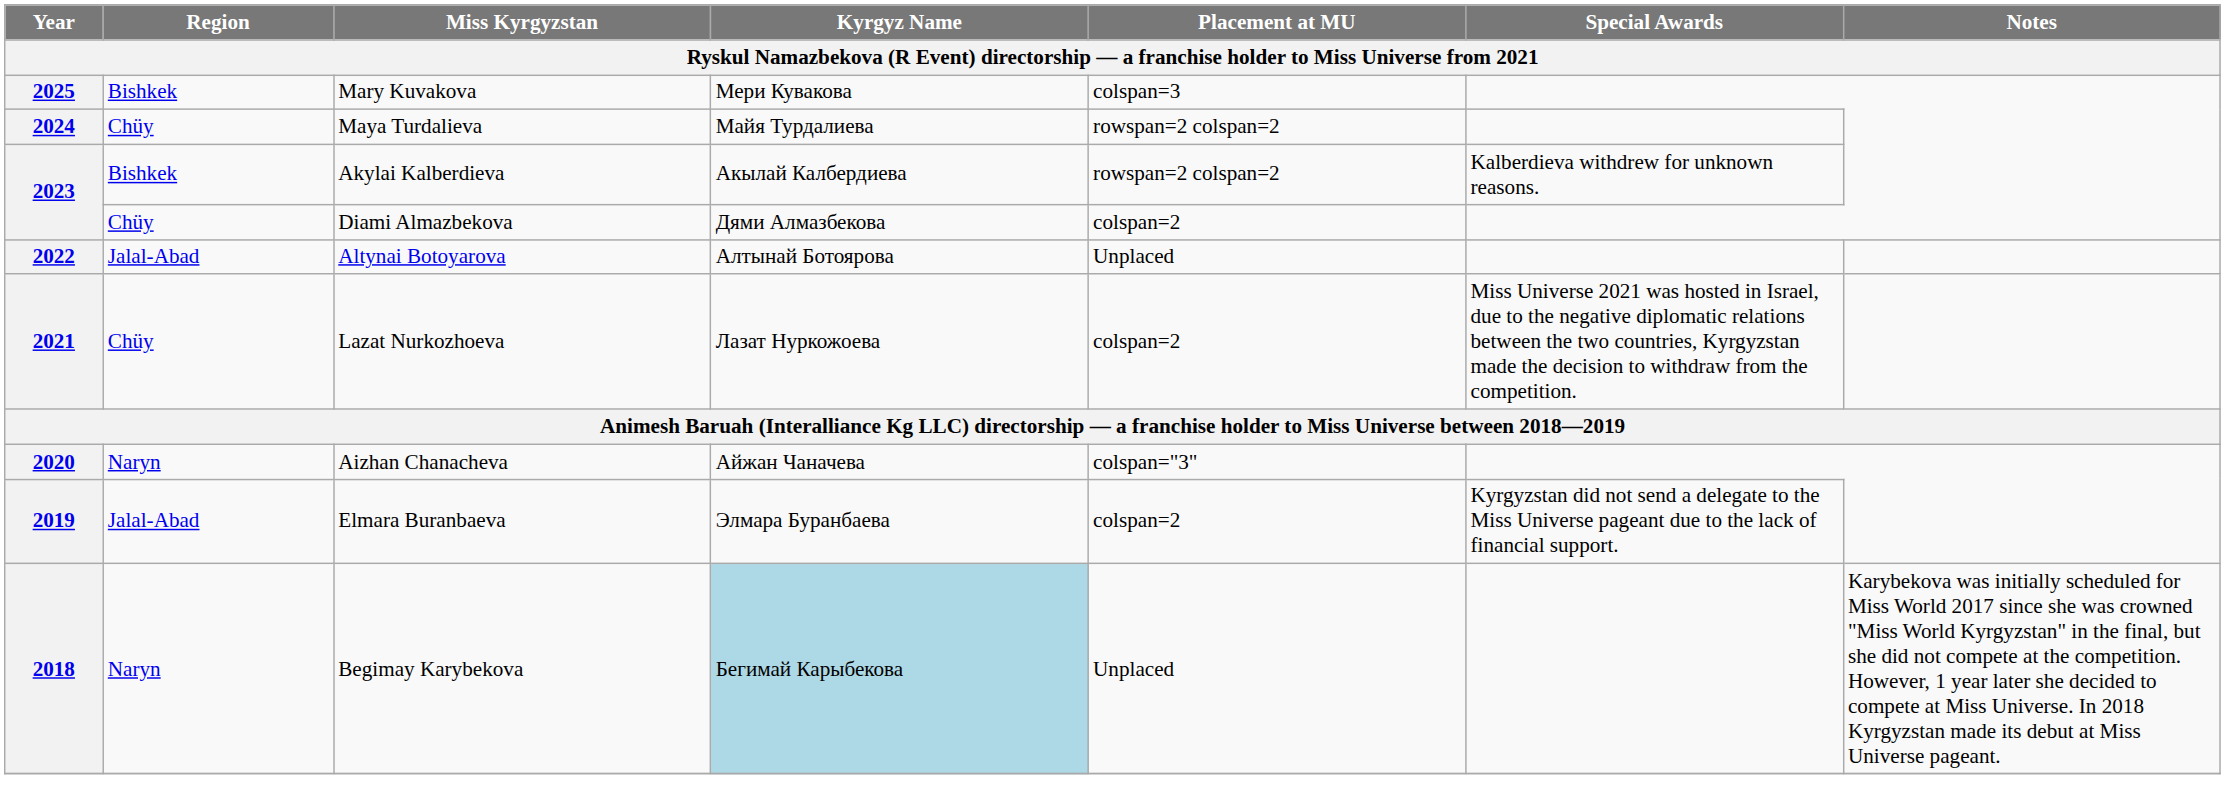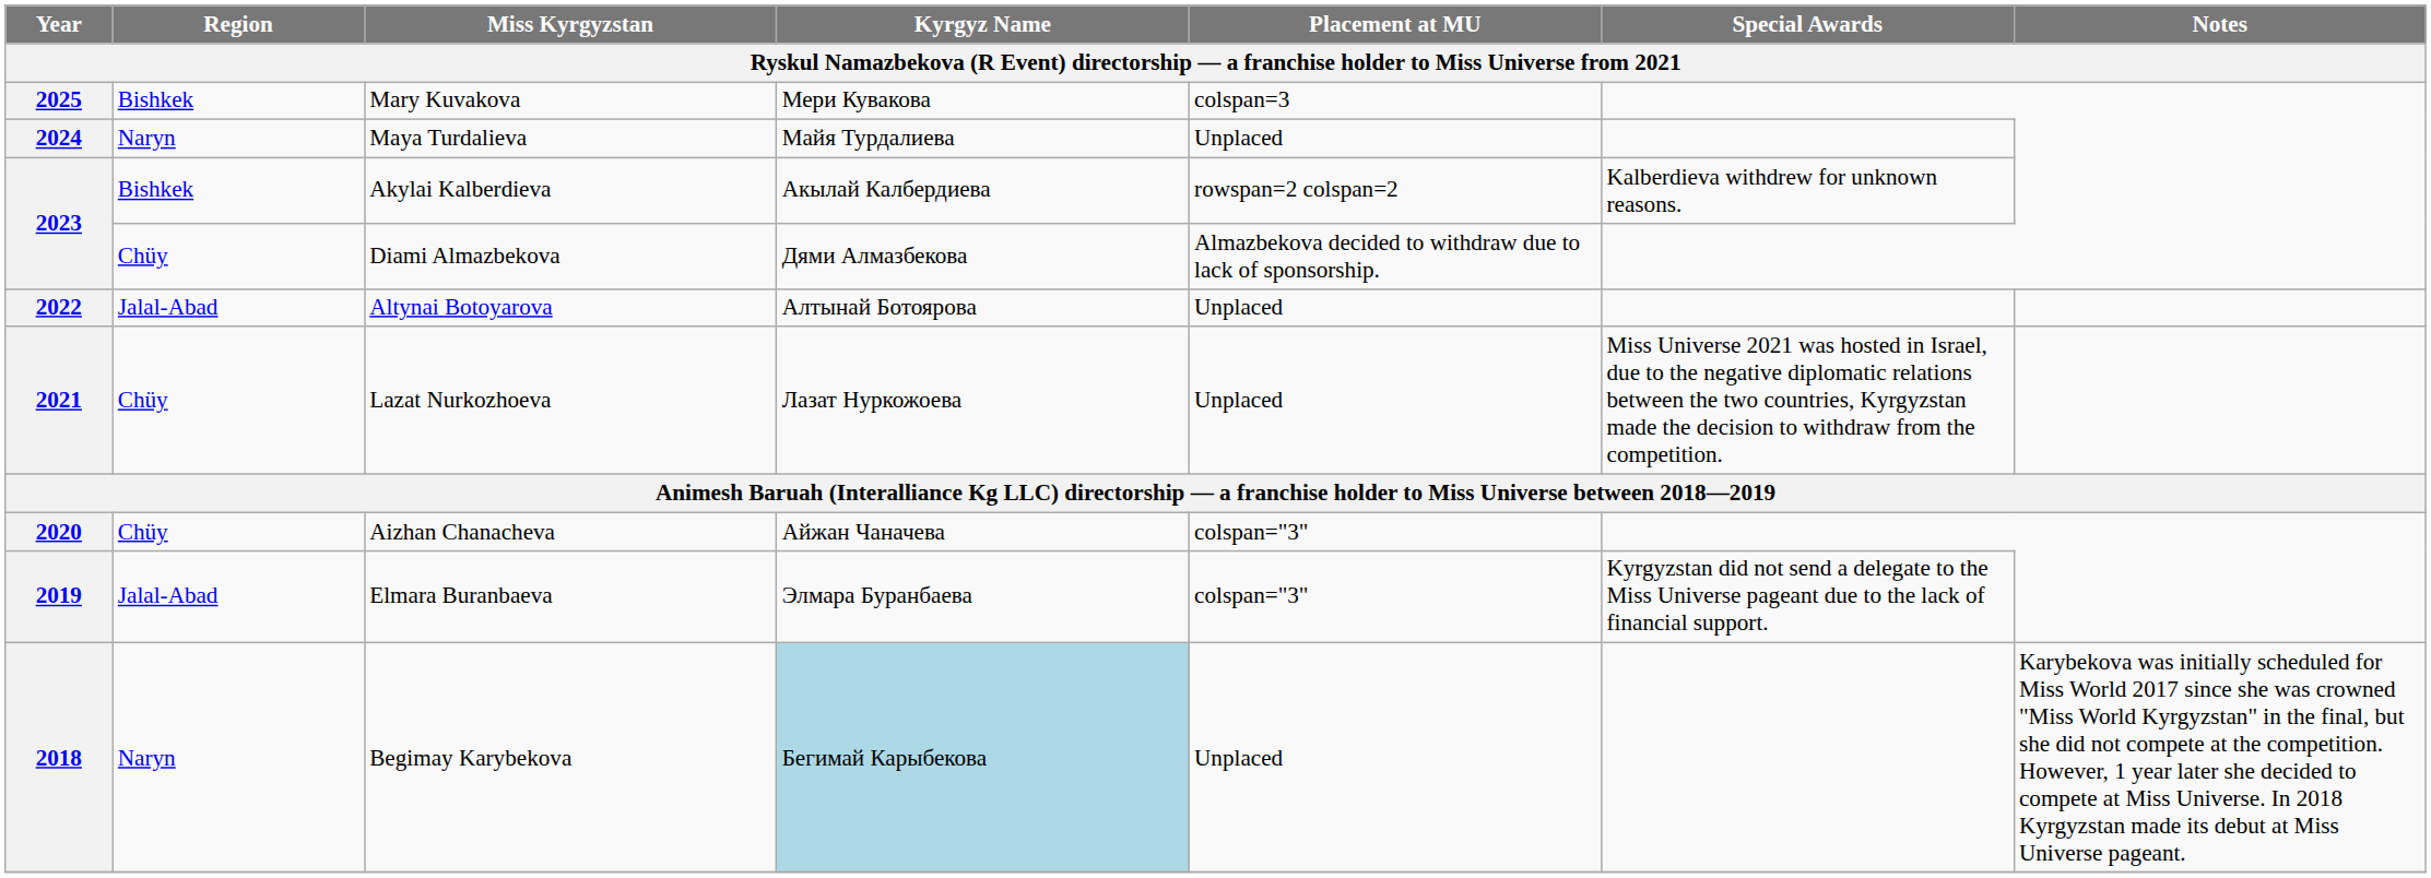 <table class="wikitable " style="font-size: 90%;">
 <tr>
 <th width="60" style="background-color:#787878;color:#FFFFFF;">Year</th>
 <th width="150" style="background-color:#787878;color:#FFFFFF;">Region</th>
 <th width="250" style="background-color:#787878;color:#FFFFFF;">Miss Kyrgyzstan</th>
 <th width="250" style="background-color:#787878;color:#FFFFFF;">Kyrgyz Name</th>
 <th width="250" style="background-color:#787878;color:#FFFFFF;">Placement at MU</th>
 <th width="250" style="background-color:#787878;color:#FFFFFF;">Special Awards</th>
 <th width="250" style="background-color:#787878;color:#FFFFFF;">Notes</th>
 </tr>
 <tr>
 <th colspan="7">Ryskul Namazbekova (R Event) directorship — a franchise holder to Miss Universe from 2021</th>
 </tr>
 <tr>
 <th><a href='#'>2025</a></th>
 <td><a href='#'>Bishkek</a></td>
 <td>Mary Kuvakova</td>
 <td>Мери Кувакова</td>
 <td>colspan=3 </td>
 </tr>
 <tr>
 <th><a href='#'>2024</a></th>
-<td><a href='#'>Chüy</a></td>
+<td><a href='#'>Naryn</a></td>
 <td>Maya Turdalieva</td>
 <td>Майя Турдалиева</td>
-<td>rowspan=2 colspan=2 </td>
+<td>Unplaced</td>
 <td></td>
 </tr>
 <tr>
 <th rowspan=2><a href='#'>2023</a></th>
 <td><a href='#'>Bishkek</a></td>
 <td>Akylai Kalberdieva</td>
 <td>Акылай Калбердиева</td>
 <td>rowspan=2 colspan=2 </td>
 <td>Kalberdieva withdrew for unknown reasons.</td>
 </tr>
 <tr>
 <td><a href='#'>Chüy</a></td>
 <td>Diami Almazbekova</td>
 <td>Дями Алмазбекова</td>
-<td>colspan=2 </td>
+<td>Almazbekova decided to withdraw due to lack of sponsorship.</td>
 </tr>
 <tr>
 <th><a href='#'>2022</a></th>
 <td><a href='#'>Jalal-Abad</a></td>
 <td><a href='#'>Altynai Botoyarova</a></td>
 <td>Алтынай Ботоярова</td>
 <td>Unplaced</td>
 <td></td>
 <td></td>
 </tr>
 <tr>
 <th><a href='#'>2021</a></th>
 <td><a href='#'>Chüy</a></td>
 <td>Lazat Nurkozhoeva</td>
 <td>Лазат Нуркожоева</td>
-<td>colspan=2 </td>
+<td>Unplaced</td>
 <td>Miss Universe 2021 was hosted in Israel, due to the negative diplomatic relations between the two countries, Kyrgyzstan made the decision to withdraw from the competition.</td>
 </tr>
 <tr>
 <th colspan="7">Animesh Baruah (Interalliance Kg LLC) directorship — a franchise holder to Miss Universe between 2018―2019</th>
 </tr>
 <tr>
 <th><a href='#'>2020</a></th>
-<td><a href='#'>Naryn</a></td>
+<td><a href='#'>Chüy</a></td>
 <td>Aizhan Chanacheva</td>
 <td>Айжан Чаначева</td>
 <td>colspan="3" </td>
 </tr>
 <tr>
 <th><a href='#'>2019</a></th>
 <td><a href='#'>Jalal-Abad</a></td>
 <td>Elmara Buranbaeva</td>
 <td>Элмара Буранбаева</td>
-<td>colspan=2 </td>
+<td>colspan="3" </td>
 <td>Kyrgyzstan did not send a delegate to the Miss Universe pageant due to the lack of financial support.</td>
 </tr>
 <tr>
 <th><a href='#'>2018</a></th>
 <td><a href='#'>Naryn</a></td>
 <td>Begimay Karybekova</td>
 <td style="background: lightblue;">Бегимай Карыбекова</td>
 <td>Unplaced</td>
 <td></td>
 <td>Karybekova was initially scheduled for Miss World 2017 since she was crowned "Miss World Kyrgyzstan" in the final, but she did not compete at the competition. However, 1 year later she decided to compete at Miss Universe. In 2018 Kyrgyzstan made its debut at Miss Universe pageant.</td>
 </tr>
 <tr>
 </tr>
 </table>
